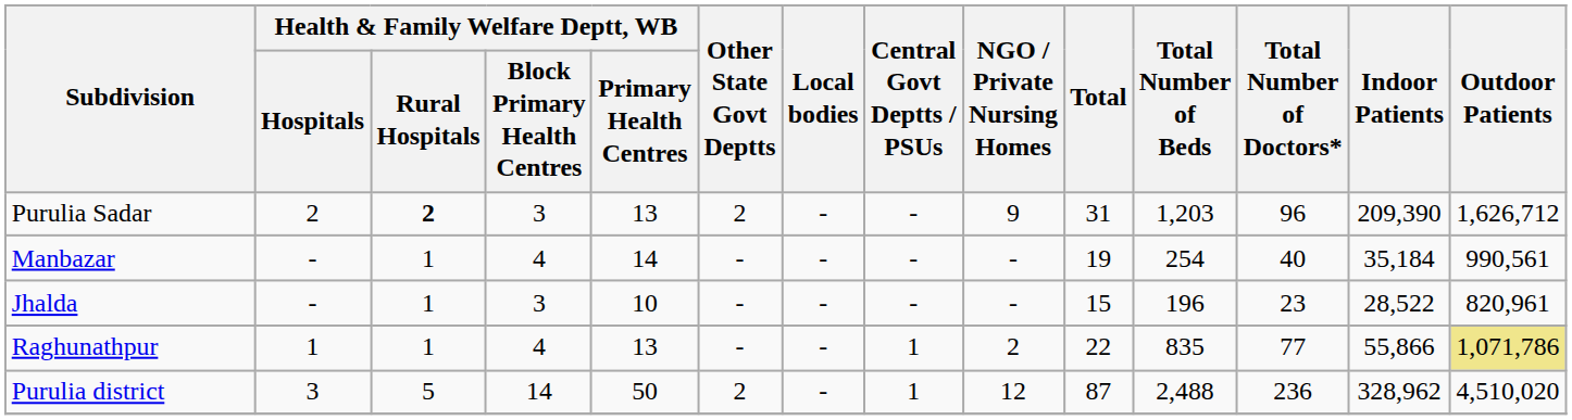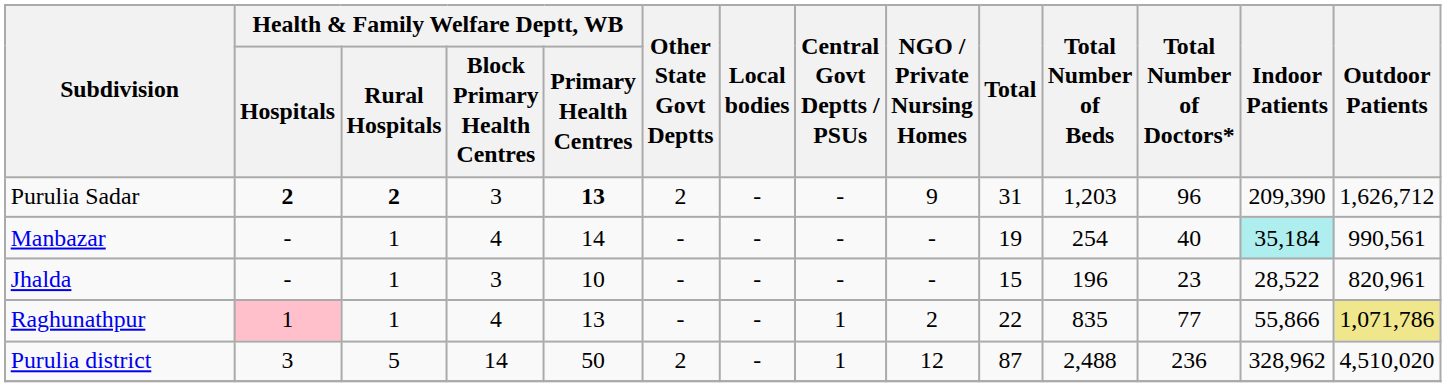 <table class="wikitable" style="text-align:center;font-size: 9pt">
 <tr>
 <th width="110" rowspan="2">Subdivision</th>
 <th width="160" colspan="4" rowspan="1">Health & Family Welfare Deptt, WB</th>
 <th widthspan="110" rowspan="2">Other<br>State<br>Govt<br>Deptts</th>
 <th widthspan="110" rowspan="2">Local<br>bodies</th>
 <th widthspan="110" rowspan="2">Central<br>Govt<br>Deptts /<br>PSUs</th>
 <th widthspan="110" rowspan="2">NGO /<br>Private<br>Nursing<br>Homes</th>
 <th widthspan="110" rowspan="2">Total</th>
 <th widthspan="110" rowspan="2">Total<br>Number<br>of<br>Beds</th>
 <th widthspan="110" rowspan="2">Total<br>Number<br>of<br>Doctors*</th>
 <th widthspan="130" rowspan="2">Indoor<br>Patients</th>
 <th widthspan="130" rowspan="2">Outdoor<br>Patients</th>
 </tr>
 <tr>
 <th width="40">Hospitals<br></th>
 <th width="40">Rural<br>Hospitals<br></th>
 <th width="40">Block<br>Primary<br>Health<br>Centres<br></th>
 <th width="40">Primary<br>Health<br>Centres<br></th>
 </tr>
 <tr>
 <td align=left>Purulia Sadar</td>
-<td align="center">2</td>
+<td align="center"><strong>2</strong></td>
 <td align="center"><strong>2</strong></td>
 <td align="center">3</td>
-<td align="center">13</td>
+<td align="center"><strong>13</strong></td>
 <td align="center">2</td>
 <td align="center">-</td>
 <td align="center">-</td>
 <td align="center">9</td>
 <td align="center">31</td>
 <td align="center">1,203</td>
 <td align="center">96</td>
 <td align="center">209,390</td>
 <td align="center">1,626,712</td>
 </tr>
 <tr>
 <td align=left><a href='#'>Manbazar</a></td>
 <td align="center">-</td>
 <td align="center">1</td>
 <td align="center">4</td>
 <td align="center">14</td>
 <td align="center">-</td>
 <td align="center">-</td>
 <td align="center">-</td>
 <td align="center">-</td>
 <td align="center">19</td>
 <td align="center">254</td>
 <td align="center">40</td>
-<td align="center">35,184</td>
+<td align="center" style="background: paleturquoise;">35,184</td>
 <td align="center">990,561</td>
 </tr>
 <tr>
 <td align=left><a href='#'>Jhalda</a></td>
 <td align="center">-</td>
 <td align="center">1</td>
 <td align="center">3</td>
 <td align="center">10</td>
 <td align="center">-</td>
 <td align="center">-</td>
 <td align="center">-</td>
 <td align="center">-</td>
 <td align="center">15</td>
 <td align="center">196</td>
 <td align="center">23</td>
 <td align="center">28,522</td>
 <td align="center">820,961</td>
 </tr>
 <tr>
 <td align=left><a href='#'>Raghunathpur</a></td>
-<td align="center">1</td>
+<td align="center" style="background: pink;">1</td>
 <td align="center">1</td>
 <td align="center">4</td>
 <td align="center">13</td>
 <td align="center">-</td>
 <td align="center">-</td>
 <td align="center">1</td>
 <td align="center">2</td>
 <td align="center">22</td>
 <td align="center">835</td>
 <td align="center">77</td>
 <td align="center">55,866</td>
 <td align="center" style="background: khaki;">1,071,786</td>
 </tr>
 <tr>
 <td align=left><a href='#'>Purulia district</a></td>
 <td align="center">3</td>
 <td align="center">5</td>
 <td align="center">14</td>
 <td align="center">50</td>
 <td align="center">2</td>
 <td align="center">-</td>
 <td align="center">1</td>
 <td align="center">12</td>
 <td align="center">87</td>
 <td align="center">2,488</td>
 <td align="center">236</td>
 <td align="center">328,962</td>
 <td align="center">4,510,020</td>
 </tr>
 <tr>
 </tr>
 </table>
